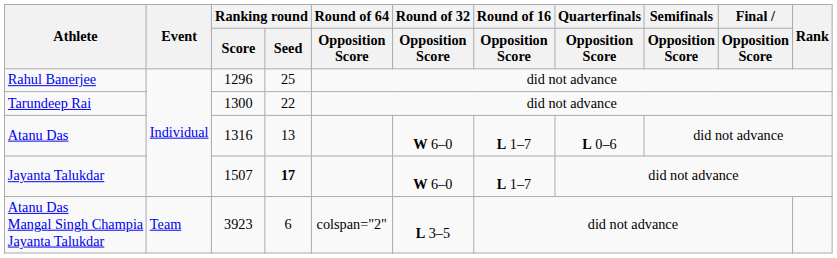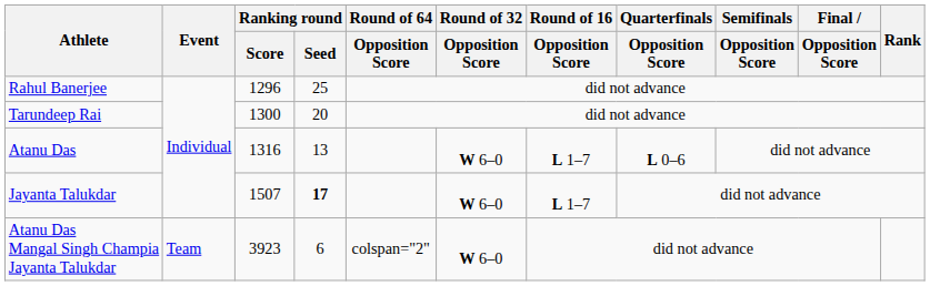 <table class="wikitable" style="text-align:center; font-size:90%">
 <tr>
 <th rowspan=2>Athlete</th>
 <th rowspan=2>Event</th>
 <th colspan=2>Ranking round</th>
 <th>Round of 64</th>
 <th>Round of 32</th>
 <th>Round of 16</th>
 <th>Quarterfinals</th>
 <th>Semifinals</th>
 <th>Final / </th>
 <th rowspan=2>Rank</th>
 </tr>
 <tr>
 <th>Score</th>
 <th>Seed</th>
 <th>Opposition<br>Score</th>
 <th>Opposition<br>Score</th>
 <th>Opposition<br>Score</th>
 <th>Opposition<br>Score</th>
 <th>Opposition<br>Score</th>
 <th>Opposition<br>Score</th>
 </tr>
 <tr>
 <td align=left><a href='#'>Rahul Banerjee</a></td>
 <td align=left rowspan=4><a href='#'>Individual</a></td>
 <td>1296</td>
 <td>25</td>
 <td colspan=7>did not advance</td>
 </tr>
 <tr>
 <td align=left><a href='#'>Tarundeep Rai</a></td>
 <td>1300</td>
-<td>22</td>
+<td>20</td>
 <td colspan=7>did not advance</td>
 </tr>
 <tr>
 <td align=left><a href='#'>Atanu Das</a></td>
 <td>1316</td>
 <td>13</td>
 <td></td>
 <td><br><strong>W</strong> 6–0</td>
 <td><br><strong>L</strong> 1–7</td>
 <td><br><strong>L</strong> 0–6</td>
 <td colspan=3>did not advance</td>
 </tr>
 <tr>
 <td align=left><a href='#'>Jayanta Talukdar</a></td>
 <td>1507</td>
 <td><strong>17</strong></td>
 <td></td>
 <td><br><strong>W</strong> 6–0</td>
 <td><br><strong>L</strong> 1–7</td>
 <td colspan=4>did not advance</td>
 </tr>
 <tr>
 <td align=left><a href='#'>Atanu Das</a><br><a href='#'>Mangal Singh Champia</a><br><a href='#'>Jayanta Talukdar</a></td>
 <td align=left><a href='#'>Team</a></td>
 <td>3923</td>
 <td>6</td>
 <td>colspan="2" </td>
-<td><br><strong>L</strong> 3–5</td>
+<td><br><strong>W</strong> 6–0</td>
 <td colspan=4>did not advance</td>
 </tr>
 </table>
